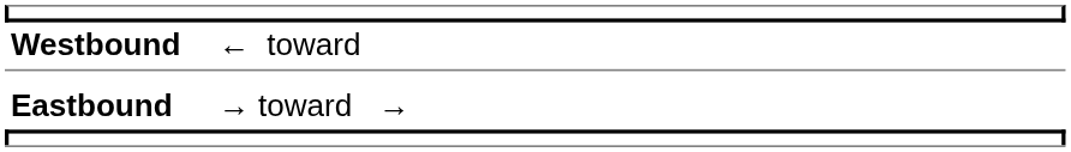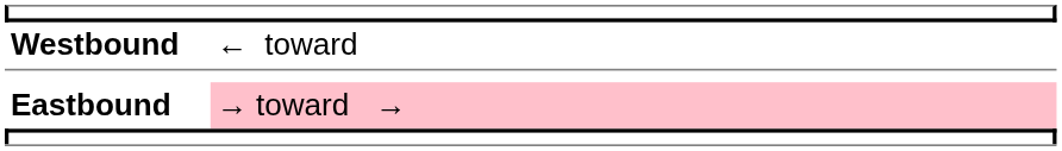 <table table border="0" cellspacing="0" cellpadding="3">
 <tr>
 <td style="border-top:solid 1px gray;border-right:solid 2px black;border-left:solid 2px black;border-bottom:solid 2px black;text-align:center;" colspan="2"></td>
 </tr>
 <tr>
 <td width="100"><strong>Westbound</strong></td>
 <td width="430">←  toward  </td>
 </tr>
 <tr>
 <td style="border-top:solid 1px gray;" colspan="2"></td>
 </tr>
 <tr>
 <td><strong>Eastbound</strong></td>
-<td><span>→</span>  toward   →</td>
+<td style="background: pink;"><span>→</span>  toward   →</td>
 </tr>
 <tr>
 <td style="border-top:solid 2px black;border-right:solid 2px black;border-left:solid 2px black;text-align:center;" colspan="2"></td>
 </tr>
 <tr>
 <td style="border-top:solid 1px gray;" colspan="2"></td>
 </tr>
 </table>
